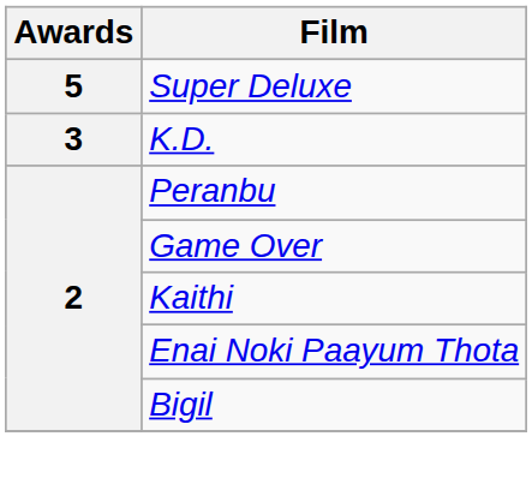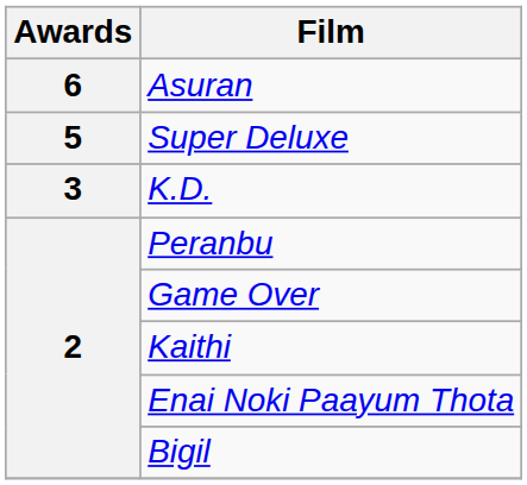 <table class="wikitable" style="display:inline-table;">
 <tr>
 <th>Awards</th>
 <th>Film</th>
+</tr>
+<tr>
+<th scope=row>6</th>
+<td><em><a href='#'>Asuran</a></em></td>
 </tr>
 <tr>
 <th scope=row>5</th>
 <td><em><a href='#'>Super Deluxe</a></em></td>
 </tr>
 <tr>
 <th scope=row>3</th>
 <td><em><a href='#'>K.D.</a></em></td>
 </tr>
 <tr>
 <th rowspan=5>2</th>
 <td><em><a href='#'>Peranbu</a></em></td>
 </tr>
 <tr>
 <td><em><a href='#'>Game Over</a></em></td>
 </tr>
 <tr>
 <td><em><a href='#'>Kaithi</a></em></td>
 </tr>
 <tr>
 <td><em><a href='#'>Enai Noki Paayum Thota</a></em></td>
 </tr>
 <tr>
 <td><em><a href='#'>Bigil</a></em></td>
 </tr>
 <tr>
 </tr>
 </table>
